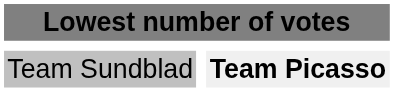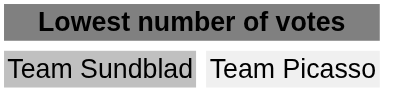 <table cellpadding=2 cellspacing=6>
 <tr bgcolor=#808080>
 <td colspan="3" align="center"><strong>Lowest number of votes</strong></td>
 </tr>
 <tr>
 <td bgcolor="#C0C0C0">Team Sundblad</td>
-<td bgcolor="#F0F0F0"><strong>Team Picasso</strong></td>
+<td bgcolor="#F0F0F0">Team Picasso</td>
 </tr>
 </table>
